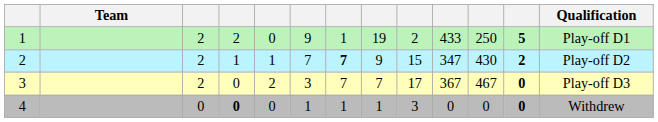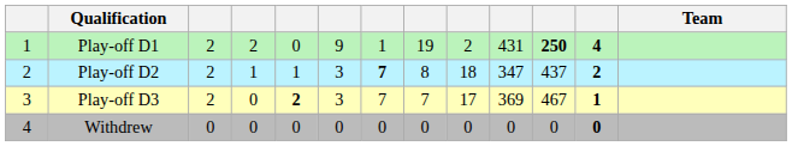 <table class=wikitable style="text-align:center" width=730>
 <tr>
 <th width=5.5%></th>
-<th width=22%>Team</th>
+<th width=18%>Qualification</th>
 <th width=5.5%></th>
 <th width=5.5%></th>
 <th width=5.5%></th>
 <th width=5.5%></th>
 <th width=5.5%></th>
 <th width=5.5%></th>
 <th width=5.5%></th>
 <th width=5.5%></th>
 <th width=5.5%></th>
 <th width=5.5%></th>
-<th width=18%>Qualification</th>
+<th width=22%>Team</th>
 </tr>
 <tr bgcolor=#bbf3bb>
 <td>1</td>
-<td style="text-align:left"></td>
+<td>Play-off D1</td>
 <td>2</td>
 <td>2</td>
 <td>0</td>
 <td>9</td>
 <td>1</td>
 <td>19</td>
 <td>2</td>
-<td>433</td>
-<td>250</td>
-<td><strong>5</strong></td>
-<td>Play-off D1</td>
+<td>431</td>
+<td><strong>250</strong></td>
+<td><strong>4</strong></td>
+<td style="text-align:left"></td>
 </tr>
 <tr bgcolor=#bbf3ff>
 <td>2</td>
-<td style="text-align:left"></td>
+<td>Play-off D2</td>
 <td>2</td>
 <td>1</td>
 <td>1</td>
-<td>7</td>
+<td>3</td>
 <td><strong>7</strong></td>
-<td>9</td>
-<td>15</td>
+<td>8</td>
+<td>18</td>
 <td>347</td>
-<td>430</td>
+<td>437</td>
 <td><strong>2</strong></td>
-<td>Play-off D2</td>
+<td style="text-align:left"></td>
 </tr>
 <tr bgcolor=#ffffbb>
 <td>3</td>
-<td style="text-align:left"></td>
+<td>Play-off D3</td>
 <td>2</td>
 <td>0</td>
-<td>2</td>
+<td><strong>2</strong></td>
 <td>3</td>
 <td>7</td>
 <td>7</td>
 <td>17</td>
-<td>367</td>
+<td>369</td>
 <td>467</td>
-<td><strong>0</strong></td>
-<td>Play-off D3</td>
+<td><strong>1</strong></td>
+<td style="text-align:left"></td>
 </tr>
 <tr bgcolor=#bbbbbb>
 <td>4</td>
-<td style="text-align:left"></td>
+<td>Withdrew</td>
 <td>0</td>
-<td><strong>0</strong></td>
 <td>0</td>
-<td>1</td>
-<td>1</td>
-<td>1</td>
-<td>3</td>
+<td>0</td>
+<td>0</td>
+<td>0</td>
+<td>0</td>
+<td>0</td>
 <td>0</td>
 <td>0</td>
 <td><strong>0</strong></td>
-<td>Withdrew</td>
+<td style="text-align:left"></td>
 </tr>
 </table>
